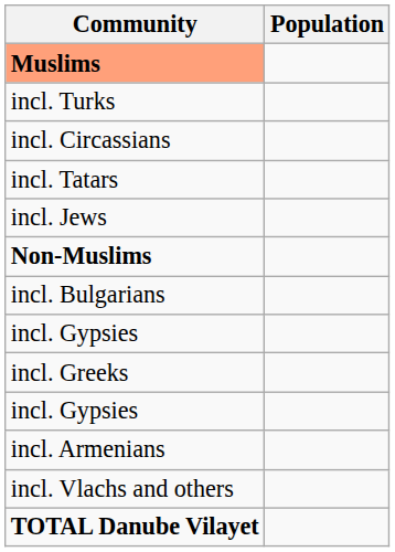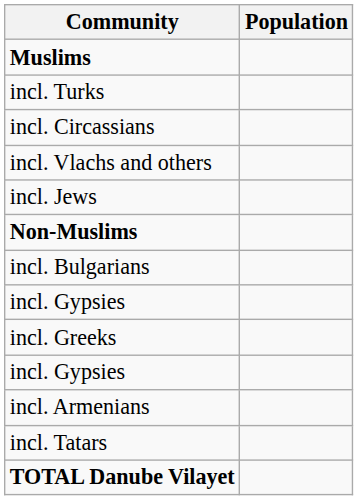 <table class="wikitable sortable">
 <tr>
 <th>Community</th>
 <th>Population</th>
 </tr>
 <tr>
-<td style="background: lightsalmon;"><strong>Muslims</strong></td>
+<td><strong>Muslims</strong></td>
 <td></td>
 </tr>
 <tr>
 <td>incl. Turks</td>
 <td></td>
 </tr>
 <tr>
 <td>incl. Circassians</td>
 <td></td>
 </tr>
 <tr>
-<td>incl. Tatars</td>
+<td>incl. Vlachs and others</td>
 <td></td>
 </tr>
 <tr>
 <td>incl. Jews</td>
 <td></td>
 </tr>
 <tr>
 <td><strong>Non-Muslims</strong></td>
 <td></td>
 </tr>
 <tr>
 <td>incl. Bulgarians</td>
 <td></td>
 </tr>
 <tr>
 <td>incl. Gypsies</td>
 <td></td>
 </tr>
 <tr>
 <td>incl. Greeks</td>
 <td></td>
 </tr>
 <tr>
 <td>incl. Gypsies</td>
 <td></td>
 </tr>
 <tr>
 <td>incl. Armenians</td>
 <td></td>
 </tr>
 <tr>
-<td>incl. Vlachs and others</td>
+<td>incl. Tatars</td>
 <td></td>
 </tr>
 <tr>
 <td><strong>TOTAL Danube Vilayet</strong></td>
 <td></td>
 </tr>
 </table>
